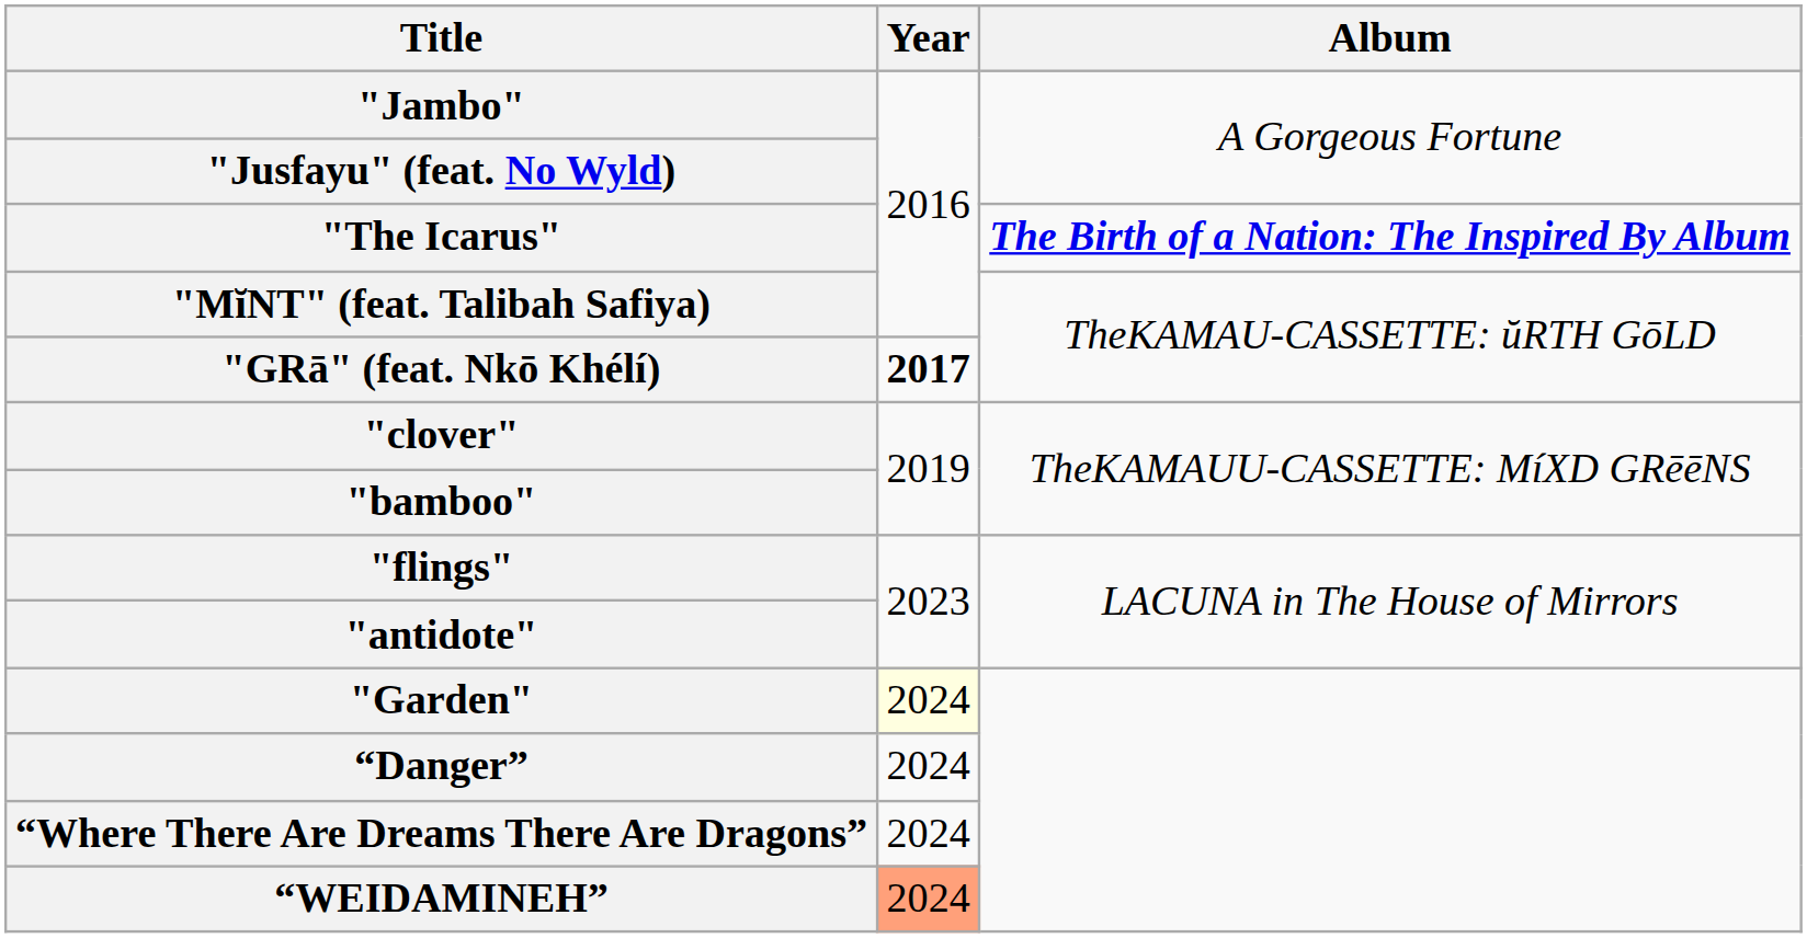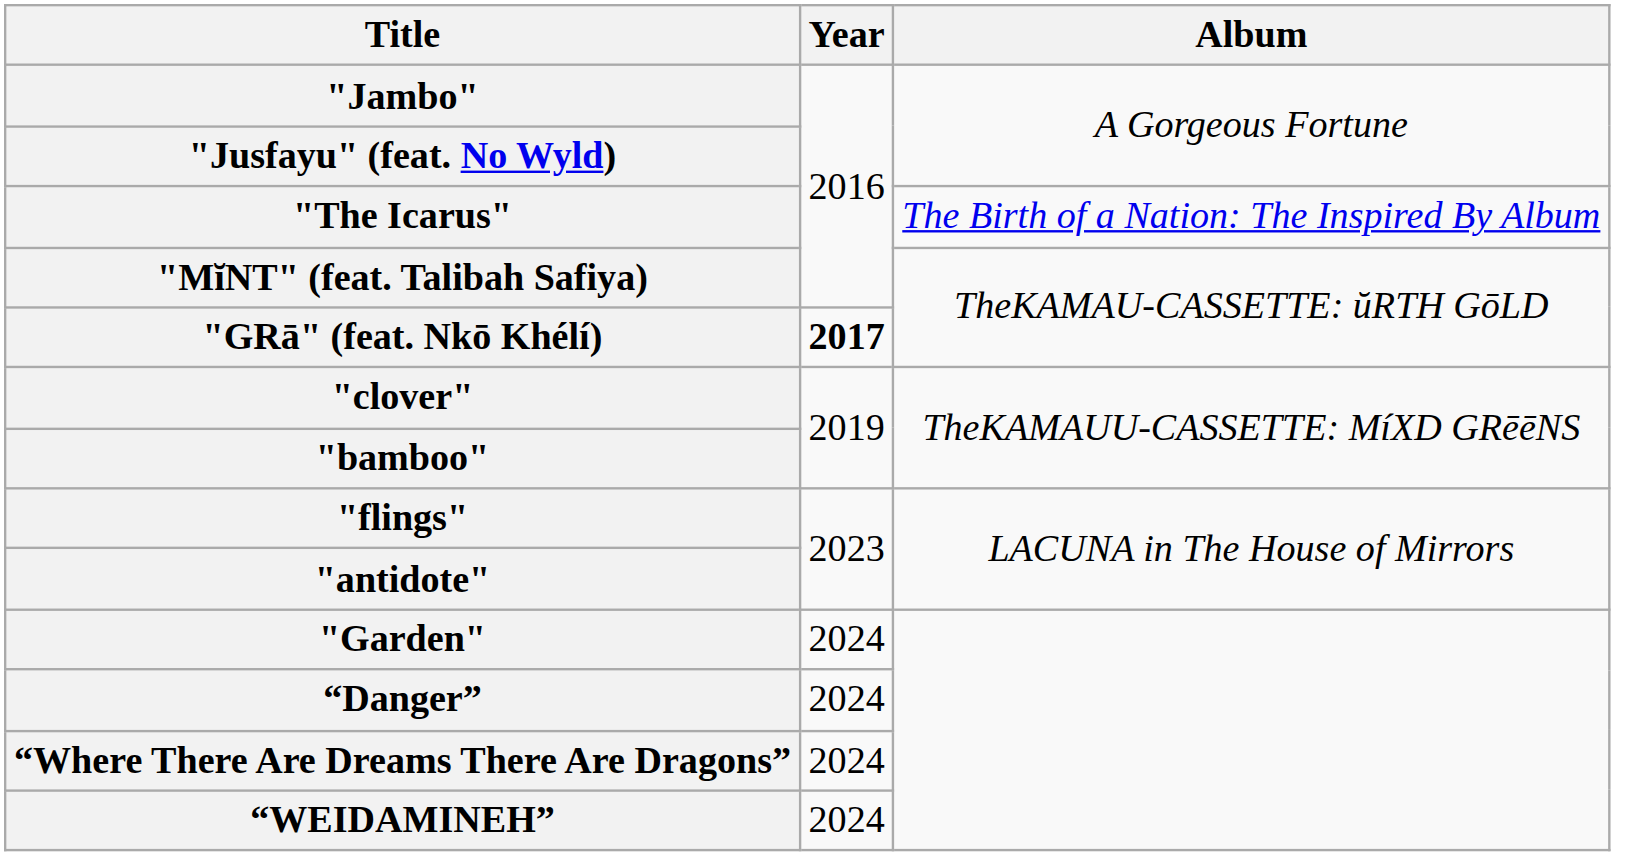 <table class="wikitable plainrowheaders" style="text-align:center;">
 <tr>
 <th scope="col">Title</th>
 <th scope="col">Year</th>
 <th scope="col">Album</th>
 </tr>
 <tr>
 <th scope="row">"Jambo"</th>
 <td rowspan="4">2016</td>
 <td rowspan="2"><em>A Gorgeous Fortune</em></td>
 </tr>
 <tr>
 <th scope="row">"Jusfayu" (feat. <a href='#'>No Wyld</a>)</th>
 </tr>
 <tr>
 <th scope="row">"The Icarus"</th>
-<td><strong><em><a href='#'>The Birth of a Nation: The Inspired By Album</a></em></strong></td>
+<td><em><a href='#'>The Birth of a Nation: The Inspired By Album</a></em></td>
 </tr>
 <tr>
 <th scope="row">"MĭNT" (feat. Talibah Safiya)</th>
 <td rowspan="2"><em>TheKAMAU-CASSETTE: ŭRTH GōLD</em></td>
 </tr>
 <tr>
 <th scope="row">"GRā" (feat. Nkō Khélí)</th>
 <td><strong>2017</strong></td>
 </tr>
 <tr>
 <th scope="row">"clover"</th>
 <td rowspan="2">2019</td>
 <td rowspan="2"><em>TheKAMAUU-CASSETTE: MíXD GRēēNS</em></td>
 </tr>
 <tr>
 <th scope="row">"bamboo"</th>
 </tr>
 <tr>
 <th scope="row">"flings"</th>
 <td rowspan="2">2023</td>
 <td rowspan="2"><em>LACUNA in The House of Mirrors</em></td>
 </tr>
 <tr>
 <th scope="row">"antidote"</th>
 </tr>
 <tr>
 <th scope="row">"Garden"</th>
-<td style="background: lightyellow;">2024</td>
+<td>2024</td>
 </tr>
 <tr>
 <th scope="row">“Danger”</th>
 <td>2024</td>
 </tr>
 <tr>
 <th scope="row">“Where There Are Dreams There Are Dragons”</th>
 <td>2024</td>
 </tr>
 <tr>
 <th scope="row">“WEIDAMINEH”</th>
-<td style="background: lightsalmon;">2024</td>
+<td>2024</td>
 </tr>
 </table>
